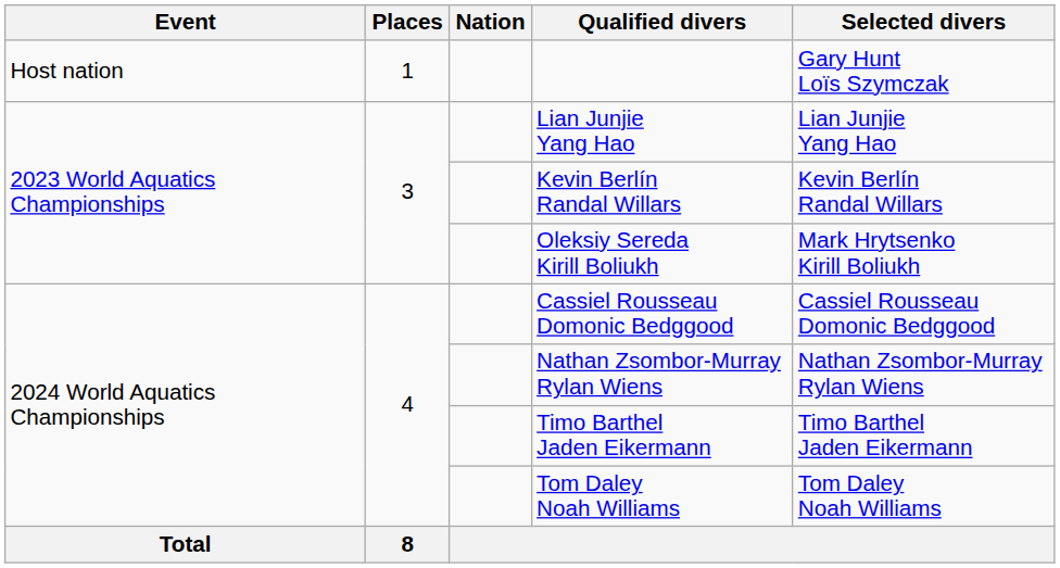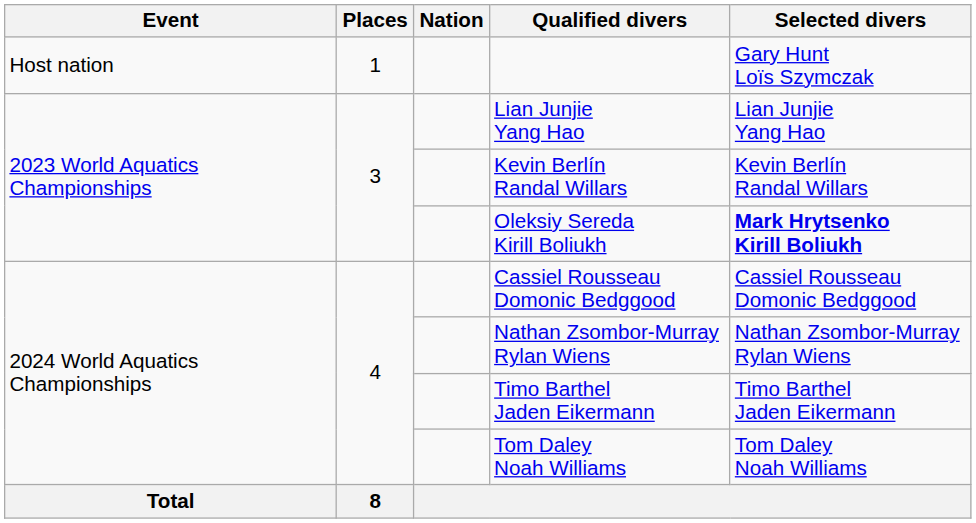 <table class="wikitable" width=750>
 <tr>
 <th width=250>Event</th>
 <th>Places</th>
 <th>Nation</th>
 <th>Qualified divers</th>
 <th>Selected divers</th>
 </tr>
 <tr>
 <td>Host nation</td>
 <td align=center>1</td>
 <td></td>
 <td></td>
 <td><a href='#'>Gary Hunt</a><br><a href='#'>Loïs Szymczak</a></td>
 </tr>
 <tr>
 <td rowspan=3><a href='#'>2023 World Aquatics Championships</a></td>
 <td rowspan=3 align=center>3</td>
 <td></td>
 <td><a href='#'>Lian Junjie</a><br><a href='#'>Yang Hao</a></td>
 <td><a href='#'>Lian Junjie</a><br><a href='#'>Yang Hao</a></td>
 </tr>
 <tr>
 <td></td>
 <td><a href='#'>Kevin Berlín</a><br><a href='#'>Randal Willars</a></td>
 <td><a href='#'>Kevin Berlín</a><br><a href='#'>Randal Willars</a></td>
 </tr>
 <tr>
 <td></td>
 <td><a href='#'>Oleksiy Sereda</a><br><a href='#'>Kirill Boliukh</a></td>
-<td><a href='#'>Mark Hrytsenko</a><br><a href='#'>Kirill Boliukh</a></td>
+<td><strong><a href='#'>Mark Hrytsenko</a><br><a href='#'>Kirill Boliukh</a></strong></td>
 </tr>
 <tr>
 <td rowspan=4>2024 World Aquatics Championships</td>
 <td rowspan=4 align=center>4</td>
 <td></td>
 <td><a href='#'>Cassiel Rousseau</a><br><a href='#'>Domonic Bedggood</a></td>
 <td><a href='#'>Cassiel Rousseau</a><br><a href='#'>Domonic Bedggood</a></td>
 </tr>
 <tr>
 <td></td>
 <td><a href='#'>Nathan Zsombor-Murray</a><br><a href='#'>Rylan Wiens</a></td>
 <td><a href='#'>Nathan Zsombor-Murray</a><br><a href='#'>Rylan Wiens</a></td>
 </tr>
 <tr>
 <td></td>
 <td><a href='#'>Timo Barthel</a><br><a href='#'>Jaden Eikermann</a></td>
 <td><a href='#'>Timo Barthel</a><br><a href='#'>Jaden Eikermann</a></td>
 </tr>
 <tr>
 <td></td>
 <td><a href='#'>Tom Daley</a><br><a href='#'>Noah Williams</a></td>
 <td><a href='#'>Tom Daley</a><br><a href='#'>Noah Williams</a></td>
 </tr>
 <tr>
 <th>Total</th>
 <th>8</th>
 <th colspan=3></th>
 </tr>
 </table>
